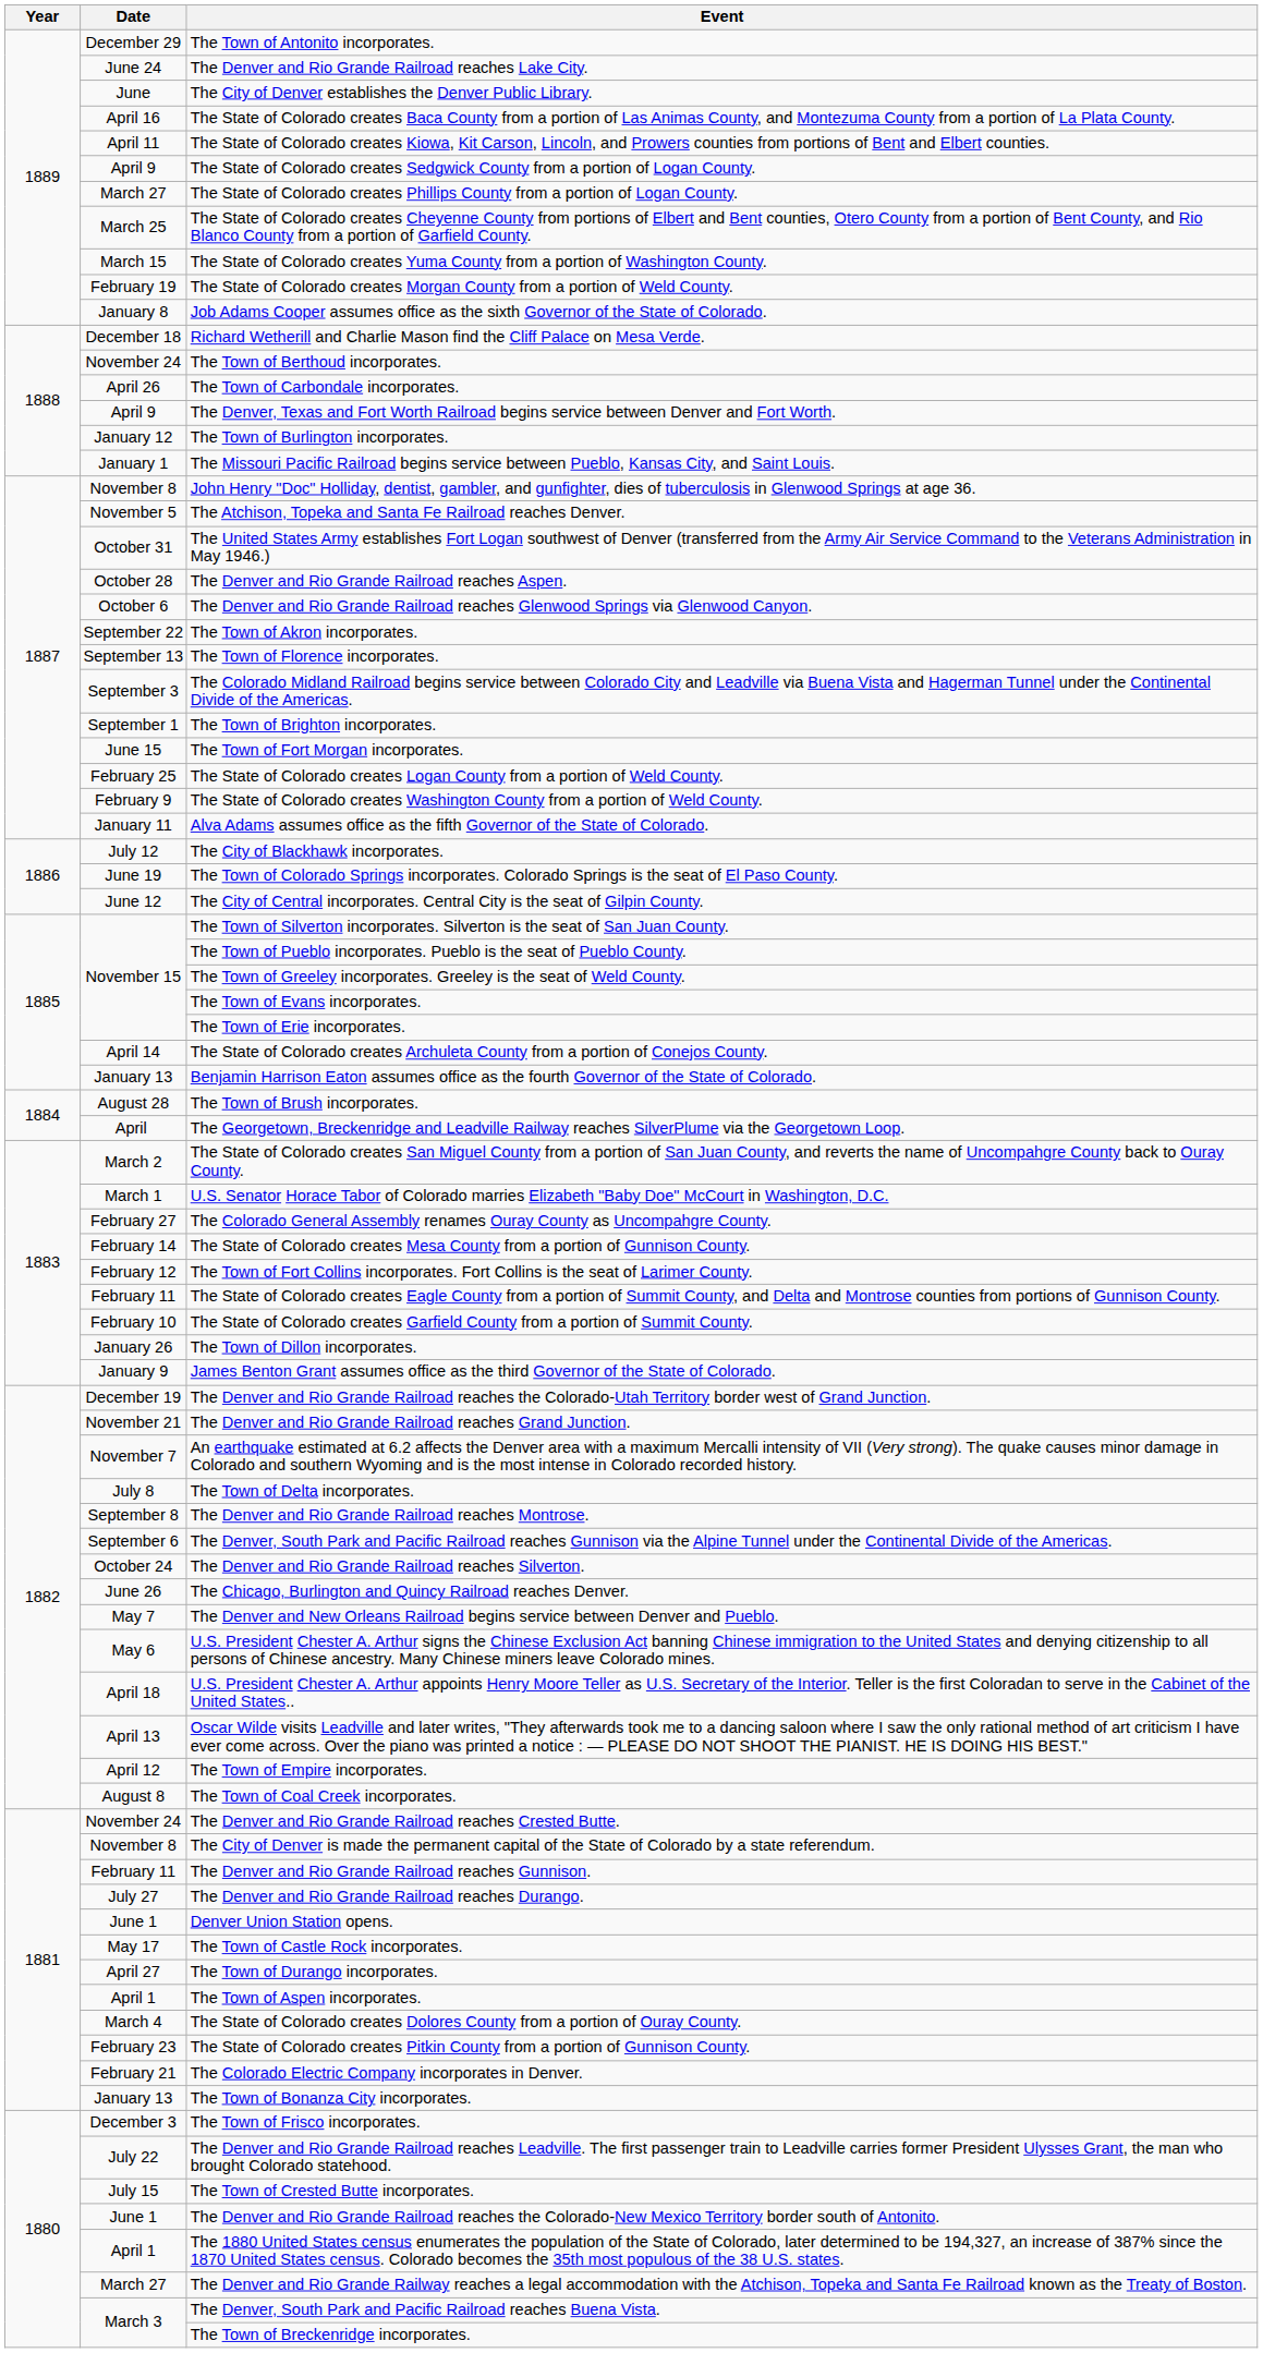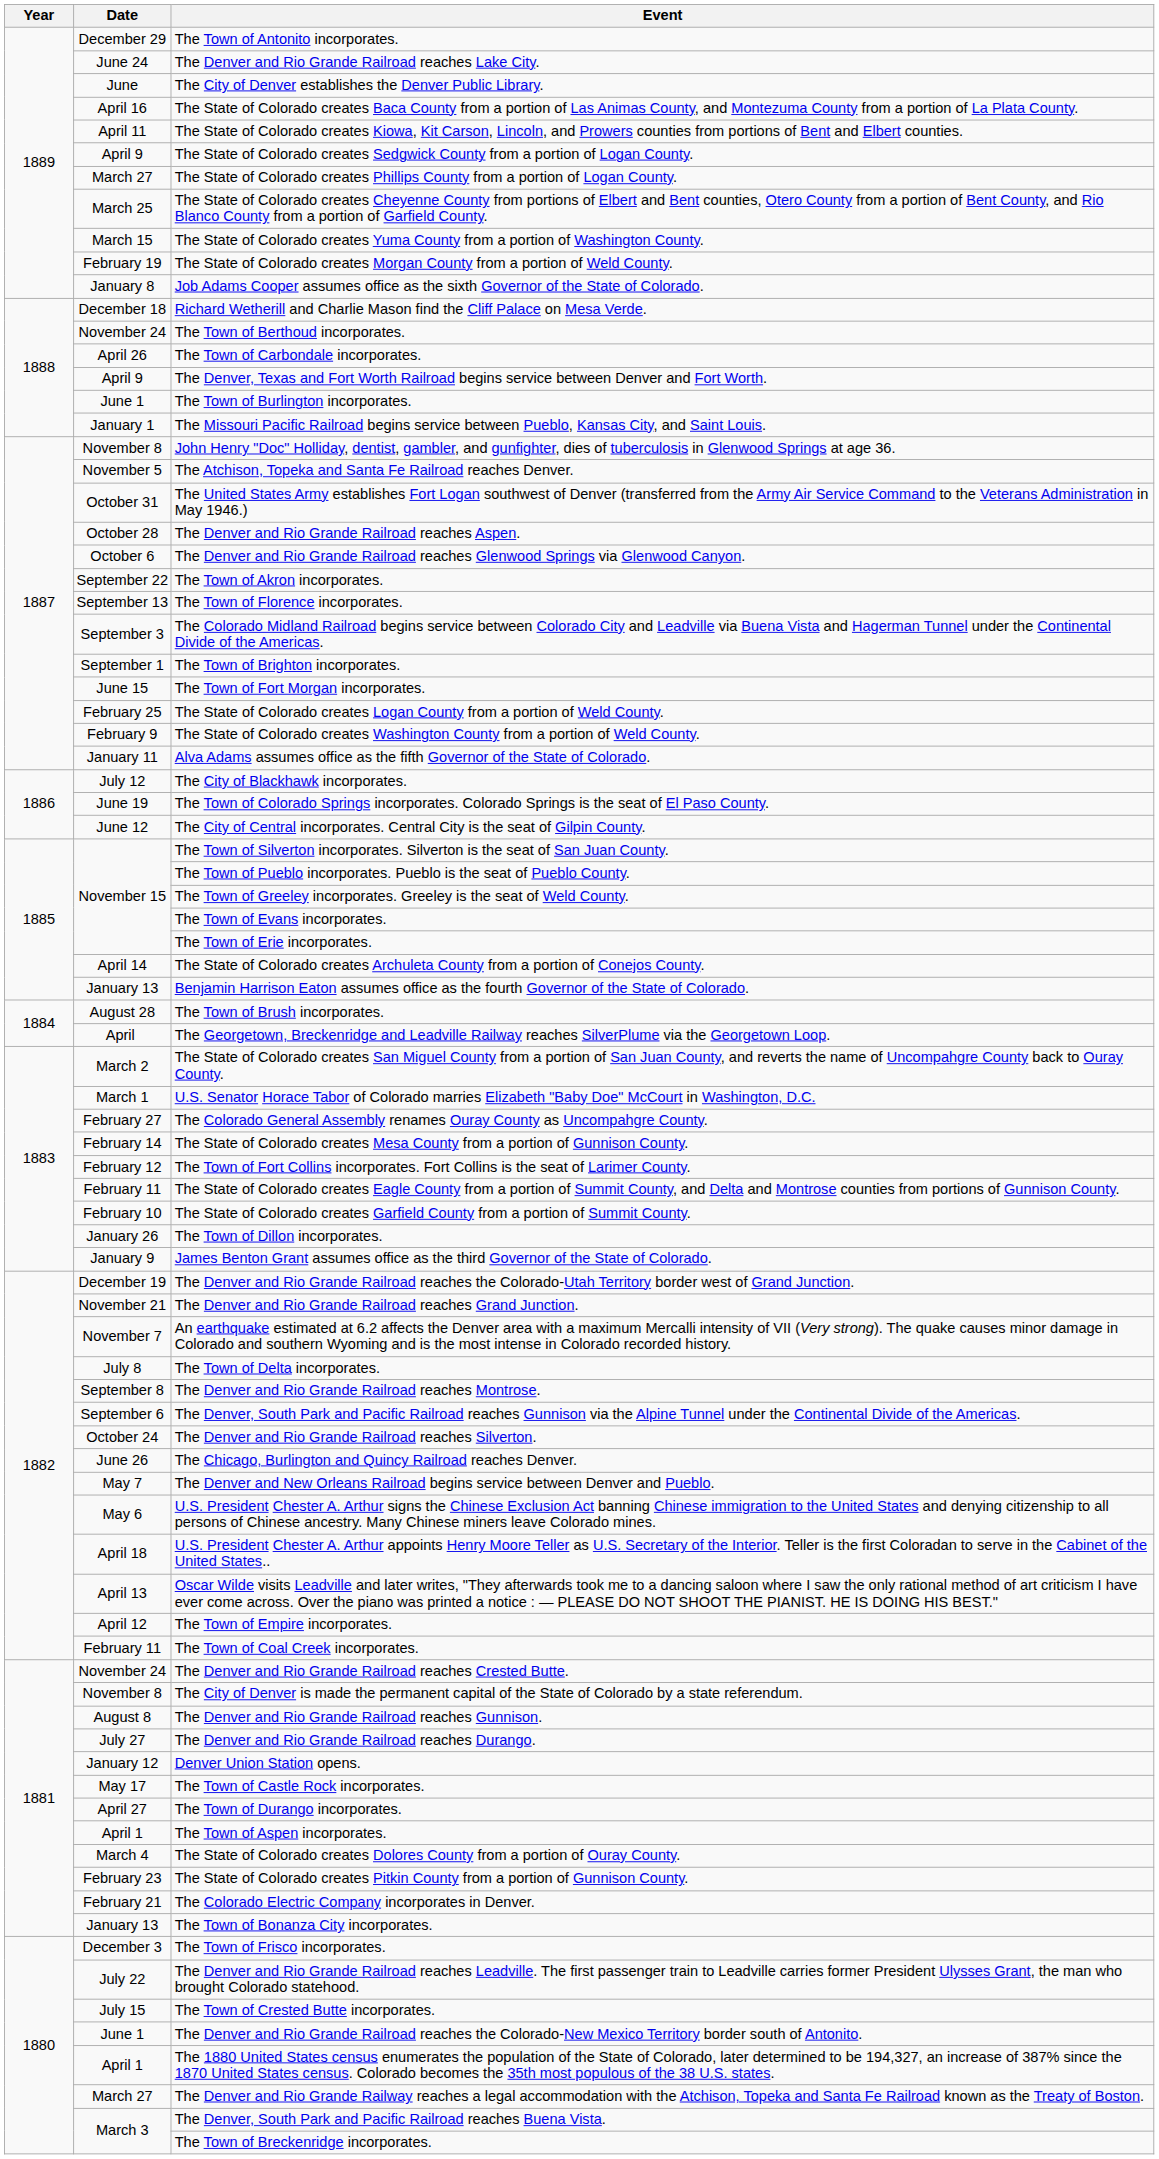 <table class="wikitable" style="width:100%;">
 <tr>
 <th style="width:6%">Year</th>
 <th style="width:8%">Date</th>
 <th style="width:86%">Event</th>
 </tr>
 <tr>
 <td align=center rowspan=11>1889</td>
 <td align=center>December 29</td>
 <td>The <a href='#'>Town of Antonito</a> incorporates.</td>
 </tr>
 <tr>
 <td align=center>June 24</td>
 <td>The <a href='#'>Denver and Rio Grande Railroad</a> reaches <a href='#'>Lake City</a>.</td>
 </tr>
 <tr>
 <td align=center>June</td>
 <td>The <a href='#'>City of Denver</a> establishes the <a href='#'>Denver Public Library</a>.</td>
 </tr>
 <tr>
 <td align=center>April 16</td>
 <td>The State of Colorado creates <a href='#'>Baca County</a> from a portion of <a href='#'>Las Animas County</a>, and <a href='#'>Montezuma County</a> from a portion of <a href='#'>La Plata County</a>.</td>
 </tr>
 <tr>
 <td align=center>April 11</td>
 <td>The State of Colorado creates <a href='#'>Kiowa</a>, <a href='#'>Kit Carson</a>, <a href='#'>Lincoln</a>, and <a href='#'>Prowers</a> counties from portions of <a href='#'>Bent</a> and <a href='#'>Elbert</a> counties.</td>
 </tr>
 <tr>
 <td align=center>April 9</td>
 <td>The State of Colorado creates <a href='#'>Sedgwick County</a> from a portion of <a href='#'>Logan County</a>.</td>
 </tr>
 <tr>
 <td align=center>March 27</td>
 <td>The State of Colorado creates <a href='#'>Phillips County</a> from a portion of <a href='#'>Logan County</a>.</td>
 </tr>
 <tr>
 <td align=center>March 25</td>
 <td>The State of Colorado creates <a href='#'>Cheyenne County</a> from portions of <a href='#'>Elbert</a> and <a href='#'>Bent</a> counties, <a href='#'>Otero County</a> from a portion of <a href='#'>Bent County</a>, and <a href='#'>Rio Blanco County</a> from a portion of <a href='#'>Garfield County</a>.</td>
 </tr>
 <tr>
 <td align=center>March 15</td>
 <td>The State of Colorado creates <a href='#'>Yuma County</a> from a portion of <a href='#'>Washington County</a>.</td>
 </tr>
 <tr>
 <td align=center>February 19</td>
 <td>The State of Colorado creates <a href='#'>Morgan County</a> from a portion of <a href='#'>Weld County</a>.</td>
 </tr>
 <tr>
 <td align=center>January 8</td>
 <td><a href='#'>Job Adams Cooper</a> assumes office as the sixth <a href='#'>Governor of the State of Colorado</a>.</td>
 </tr>
 <tr>
 <td align=center rowspan=6>1888</td>
 <td align=center>December 18</td>
 <td><a href='#'>Richard Wetherill</a> and Charlie Mason find the <a href='#'>Cliff Palace</a> on <a href='#'>Mesa Verde</a>.</td>
 </tr>
 <tr>
 <td align=center>November 24</td>
 <td>The <a href='#'>Town of Berthoud</a> incorporates.</td>
 </tr>
 <tr>
 <td align=center>April 26</td>
 <td>The <a href='#'>Town of Carbondale</a> incorporates.</td>
 </tr>
 <tr>
 <td align=center>April 9</td>
 <td>The <a href='#'>Denver, Texas and Fort Worth Railroad</a> begins service between Denver and <a href='#'>Fort Worth</a>.</td>
 </tr>
 <tr>
-<td align=center>January 12</td>
+<td align=center>June 1</td>
 <td>The <a href='#'>Town of Burlington</a> incorporates.</td>
 </tr>
 <tr>
 <td align=center>January 1</td>
 <td>The <a href='#'>Missouri Pacific Railroad</a> begins service between <a href='#'>Pueblo</a>, <a href='#'>Kansas City</a>, and <a href='#'>Saint Louis</a>.</td>
 </tr>
 <tr>
 <td align=center rowspan=13>1887</td>
 <td align=center>November 8</td>
 <td><a href='#'>John Henry "Doc" Holliday</a>,  <a href='#'>dentist</a>, <a href='#'>gambler</a>, and <a href='#'>gunfighter</a>, dies of <a href='#'>tuberculosis</a> in <a href='#'>Glenwood Springs</a> at age 36.</td>
 </tr>
 <tr>
 <td align=center>November 5</td>
 <td>The <a href='#'>Atchison, Topeka and Santa Fe Railroad</a> reaches Denver.</td>
 </tr>
 <tr>
 <td align=center>October 31</td>
 <td>The <a href='#'>United States Army</a> establishes <a href='#'>Fort Logan</a> southwest of Denver (transferred from the <a href='#'>Army Air Service Command</a> to the <a href='#'>Veterans Administration</a> in May 1946.)</td>
 </tr>
 <tr>
 <td align=center>October 28</td>
 <td>The <a href='#'>Denver and Rio Grande Railroad</a> reaches <a href='#'>Aspen</a>.</td>
 </tr>
 <tr>
 <td align=center>October 6</td>
 <td>The <a href='#'>Denver and Rio Grande Railroad</a> reaches <a href='#'>Glenwood Springs</a> via <a href='#'>Glenwood Canyon</a>.</td>
 </tr>
 <tr>
 <td align=center>September 22</td>
 <td>The <a href='#'>Town of Akron</a> incorporates.</td>
 </tr>
 <tr>
 <td align=center>September 13</td>
 <td>The <a href='#'>Town of Florence</a> incorporates.</td>
 </tr>
 <tr>
 <td align=center>September 3</td>
 <td>The <a href='#'>Colorado Midland Railroad</a> begins service between <a href='#'>Colorado City</a> and <a href='#'>Leadville</a> via <a href='#'>Buena Vista</a> and <a href='#'>Hagerman Tunnel</a> under the <a href='#'>Continental Divide of the Americas</a>.</td>
 </tr>
 <tr>
 <td align=center>September 1</td>
 <td>The <a href='#'>Town of Brighton</a> incorporates.</td>
 </tr>
 <tr>
 <td align=center>June 15</td>
 <td>The <a href='#'>Town of Fort Morgan</a> incorporates.</td>
 </tr>
 <tr>
 <td align=center>February 25</td>
 <td>The State of Colorado creates <a href='#'>Logan County</a> from a portion of <a href='#'>Weld County</a>.</td>
 </tr>
 <tr>
 <td align=center>February 9</td>
 <td>The State of Colorado creates <a href='#'>Washington County</a> from a portion of <a href='#'>Weld County</a>.</td>
 </tr>
 <tr>
 <td align=center>January 11</td>
 <td><a href='#'>Alva Adams</a> assumes office as the fifth <a href='#'>Governor of the State of Colorado</a>.</td>
 </tr>
 <tr>
 <td align=center rowspan=3>1886</td>
 <td align=center>July 12</td>
 <td>The <a href='#'>City of Blackhawk</a> incorporates.</td>
 </tr>
 <tr>
 <td align=center>June 19</td>
 <td>The <a href='#'>Town of Colorado Springs</a> incorporates. Colorado Springs is the seat of <a href='#'>El Paso County</a>.</td>
 </tr>
 <tr>
 <td align=center>June 12</td>
 <td>The <a href='#'>City of Central</a> incorporates. Central City is the seat of <a href='#'>Gilpin County</a>.</td>
 </tr>
 <tr>
 <td align=center rowspan=7>1885</td>
 <td align=center rowspan=5>November 15</td>
 <td>The <a href='#'>Town of Silverton</a> incorporates.  Silverton is the seat of <a href='#'>San Juan County</a>.</td>
 </tr>
 <tr>
 <td>The <a href='#'>Town of Pueblo</a> incorporates.  Pueblo is the seat of <a href='#'>Pueblo County</a>.</td>
 </tr>
 <tr>
 <td>The <a href='#'>Town of Greeley</a> incorporates.  Greeley is the seat of <a href='#'>Weld County</a>.</td>
 </tr>
 <tr>
 <td>The <a href='#'>Town of Evans</a> incorporates.</td>
 </tr>
 <tr>
 <td>The <a href='#'>Town of Erie</a> incorporates.</td>
 </tr>
 <tr>
 <td align=center>April 14</td>
 <td>The State of Colorado creates <a href='#'>Archuleta County</a> from a portion of <a href='#'>Conejos County</a>.</td>
 </tr>
 <tr>
 <td align=center>January 13</td>
 <td><a href='#'>Benjamin Harrison Eaton</a> assumes office as the fourth <a href='#'>Governor of the State of Colorado</a>.</td>
 </tr>
 <tr>
 <td align=center rowspan=2>1884</td>
 <td align=center>August 28</td>
 <td>The <a href='#'>Town of Brush</a> incorporates.</td>
 </tr>
 <tr>
 <td align=center>April </td>
 <td>The <a href='#'>Georgetown, Breckenridge and Leadville Railway</a> reaches <a href='#'>SilverPlume</a> via the <a href='#'>Georgetown Loop</a>.</td>
 </tr>
 <tr>
 <td align=center rowspan=9>1883</td>
 <td align=center>March 2</td>
 <td>The State of Colorado creates <a href='#'>San Miguel County</a> from a portion of <a href='#'>San Juan County</a>, and reverts the name of <a href='#'>Uncompahgre County</a> back to <a href='#'>Ouray County</a>.</td>
 </tr>
 <tr>
 <td align=center>March 1</td>
 <td><a href='#'>U.S. Senator</a> <a href='#'>Horace Tabor</a> of Colorado marries <a href='#'>Elizabeth "Baby Doe" McCourt</a> in <a href='#'>Washington, D.C.</a></td>
 </tr>
 <tr>
 <td align=center>February 27</td>
 <td>The <a href='#'>Colorado General Assembly</a> renames <a href='#'>Ouray County</a> as <a href='#'>Uncompahgre County</a>.</td>
 </tr>
 <tr>
 <td align=center>February 14</td>
 <td>The State of Colorado creates <a href='#'>Mesa County</a> from a portion of <a href='#'>Gunnison County</a>.</td>
 </tr>
 <tr>
 <td align=center>February 12</td>
 <td>The <a href='#'>Town of Fort Collins</a> incorporates.  Fort Collins is the seat of <a href='#'>Larimer County</a>.</td>
 </tr>
 <tr>
 <td align=center>February 11</td>
 <td>The State of Colorado creates <a href='#'>Eagle County</a> from a portion of <a href='#'>Summit County</a>, and <a href='#'>Delta</a> and  <a href='#'>Montrose</a> counties from portions of <a href='#'>Gunnison County</a>.</td>
 </tr>
 <tr>
 <td align=center>February 10</td>
 <td>The State of Colorado creates <a href='#'>Garfield County</a> from a portion of <a href='#'>Summit County</a>.</td>
 </tr>
 <tr>
 <td align=center>January 26</td>
 <td>The <a href='#'>Town of Dillon</a> incorporates.</td>
 </tr>
 <tr>
 <td align=center>January 9</td>
 <td><a href='#'>James Benton Grant</a> assumes office as the third <a href='#'>Governor of the State of Colorado</a>.</td>
 </tr>
 <tr>
 <td align=center rowspan=14>1882</td>
 <td align=center>December 19</td>
 <td>The <a href='#'>Denver and Rio Grande Railroad</a> reaches the Colorado-<a href='#'>Utah Territory</a> border west of <a href='#'>Grand Junction</a>.</td>
 </tr>
 <tr>
 <td align=center>November 21</td>
 <td>The <a href='#'>Denver and Rio Grande Railroad</a> reaches <a href='#'>Grand Junction</a>.</td>
 </tr>
 <tr>
 <td align=center>November 7</td>
 <td>An <a href='#'>earthquake</a> estimated at 6.2  affects the Denver area with a maximum Mercalli intensity of VII (<em>Very strong</em>). The quake causes minor damage in Colorado and southern Wyoming and is the most intense in Colorado recorded history.</td>
 </tr>
 <tr>
 <td align=center>July 8</td>
 <td>The <a href='#'>Town of Delta</a> incorporates.</td>
 </tr>
 <tr>
 <td align=center>September 8</td>
 <td>The <a href='#'>Denver and Rio Grande Railroad</a> reaches <a href='#'>Montrose</a>.</td>
 </tr>
 <tr>
 <td align=center>September 6</td>
 <td>The <a href='#'>Denver, South Park and Pacific Railroad</a> reaches <a href='#'>Gunnison</a> via the <a href='#'>Alpine Tunnel</a> under the <a href='#'>Continental Divide of the Americas</a>.</td>
 </tr>
 <tr>
 <td align=center>October 24</td>
 <td>The <a href='#'>Denver and Rio Grande Railroad</a> reaches <a href='#'>Silverton</a>.</td>
 </tr>
 <tr>
 <td align=center>June 26</td>
 <td>The <a href='#'>Chicago, Burlington and Quincy Railroad</a> reaches Denver.</td>
 </tr>
 <tr>
 <td align=center>May 7</td>
 <td>The <a href='#'>Denver and New Orleans Railroad</a> begins service between Denver and <a href='#'>Pueblo</a>.</td>
 </tr>
 <tr>
 <td align=center>May 6</td>
 <td><a href='#'>U.S. President</a> <a href='#'>Chester A. Arthur</a> signs the <a href='#'>Chinese Exclusion Act</a> banning <a href='#'>Chinese immigration to the United States</a> and denying citizenship to all persons of Chinese ancestry. Many Chinese miners leave Colorado mines.</td>
 </tr>
 <tr>
 <td align=center>April 18</td>
 <td><a href='#'>U.S. President</a> <a href='#'>Chester A. Arthur</a> appoints <a href='#'>Henry Moore Teller</a> as <a href='#'>U.S. Secretary of the Interior</a>. Teller is the first Coloradan to serve in the <a href='#'>Cabinet of the United States</a>..</td>
 </tr>
 <tr>
 <td align=center>April 13</td>
 <td><a href='#'>Oscar Wilde</a> visits <a href='#'>Leadville</a> and later writes, "They afterwards took me to a dancing saloon where I saw the only rational method of art criticism I have ever come across. Over the piano was printed a notice : — PLEASE DO NOT SHOOT THE PIANIST. HE IS DOING HIS BEST."</td>
 </tr>
 <tr>
 <td align=center>April 12</td>
 <td>The <a href='#'>Town of Empire</a> incorporates.</td>
 </tr>
 <tr>
-<td align=center>August 8</td>
+<td align=center>February 11</td>
 <td>The <a href='#'>Town of Coal Creek</a> incorporates.</td>
 </tr>
 <tr>
 <td align=center rowspan=12>1881</td>
 <td align=center>November 24</td>
 <td>The <a href='#'>Denver and Rio Grande Railroad</a> reaches <a href='#'>Crested Butte</a>.</td>
 </tr>
 <tr>
 <td align=center>November 8</td>
 <td>The <a href='#'>City of Denver</a> is made the permanent capital of the State of Colorado by a state referendum.</td>
 </tr>
 <tr>
-<td align=center>February 11</td>
+<td align=center>August 8</td>
 <td>The <a href='#'>Denver and Rio Grande Railroad</a> reaches <a href='#'>Gunnison</a>.</td>
 </tr>
 <tr>
 <td align=center>July 27</td>
 <td>The <a href='#'>Denver and Rio Grande Railroad</a> reaches <a href='#'>Durango</a>.</td>
 </tr>
 <tr>
-<td align=center>June 1</td>
+<td align=center>January 12</td>
 <td><a href='#'>Denver Union Station</a> opens.</td>
 </tr>
 <tr>
 <td align=center>May 17</td>
 <td>The <a href='#'>Town of Castle Rock</a> incorporates.</td>
 </tr>
 <tr>
 <td align=center>April 27</td>
 <td>The <a href='#'>Town of Durango</a> incorporates.</td>
 </tr>
 <tr>
 <td align=center>April 1</td>
 <td>The <a href='#'>Town of Aspen</a> incorporates.</td>
 </tr>
 <tr>
 <td align=center>March 4</td>
 <td>The State of Colorado creates <a href='#'>Dolores County</a> from a portion of <a href='#'>Ouray County</a>.</td>
 </tr>
 <tr>
 <td align=center>February 23</td>
 <td>The State of Colorado creates <a href='#'>Pitkin County</a> from a portion of <a href='#'>Gunnison County</a>.</td>
 </tr>
 <tr>
 <td align=center>February 21</td>
 <td>The <a href='#'>Colorado Electric Company</a> incorporates in Denver.</td>
 </tr>
 <tr>
 <td align=center>January 13</td>
 <td>The <a href='#'>Town of Bonanza City</a> incorporates.</td>
 </tr>
 <tr>
 <td align=center rowspan=8>1880</td>
 <td align=center>December 3</td>
 <td>The <a href='#'>Town of Frisco</a> incorporates.</td>
 </tr>
 <tr>
 <td align=center>July 22</td>
 <td>The <a href='#'>Denver and Rio Grande Railroad</a> reaches <a href='#'>Leadville</a>. The first passenger train to Leadville carries former President <a href='#'>Ulysses Grant</a>, the man who brought Colorado statehood.</td>
 </tr>
 <tr>
 <td align=center>July 15</td>
 <td>The <a href='#'>Town of Crested Butte</a> incorporates.</td>
 </tr>
 <tr>
 <td align=center>June 1</td>
 <td>The <a href='#'>Denver and Rio Grande Railroad</a> reaches the Colorado-<a href='#'>New Mexico Territory</a> border south of <a href='#'>Antonito</a>.</td>
 </tr>
 <tr>
 <td align=center>April 1</td>
 <td>The <a href='#'>1880 United States census</a> enumerates the population of the State of Colorado, later determined to be 194,327, an increase of 387% since the <a href='#'>1870 United States census</a>. Colorado becomes the <a href='#'>35th most populous of the 38 U.S. states</a>.</td>
 </tr>
 <tr>
 <td align=center>March 27</td>
 <td>The <a href='#'>Denver and Rio Grande Railway</a> reaches a legal accommodation with the <a href='#'>Atchison, Topeka and Santa Fe Railroad</a> known as the <a href='#'>Treaty of Boston</a>.</td>
 </tr>
 <tr>
 <td align=center rowspan=2>March 3</td>
 <td>The <a href='#'>Denver, South Park and Pacific Railroad</a> reaches <a href='#'>Buena Vista</a>.</td>
 </tr>
 <tr>
 <td>The <a href='#'>Town of Breckenridge</a> incorporates.</td>
 </tr>
 </table>
